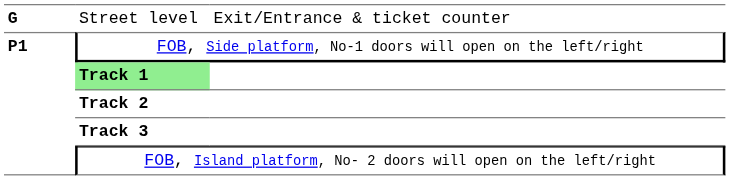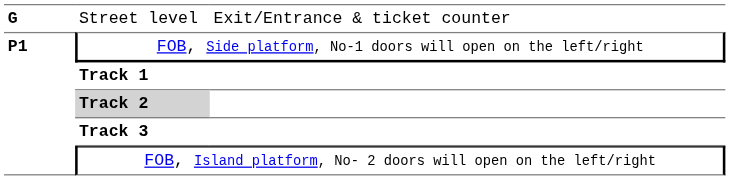 <table border=0 cellspacing=0 cellpadding=3>
 <tr>
 <td style="border-top:solid 1px gray;" width=50 valign=top><strong>G</strong></td>
 <td style="border-top:solid 1px gray;" width=100 valign=top>Street level</td>
 <td style="border-top:solid 1px gray;" width=400 valign=top>Exit/Entrance & ticket counter</td>
 </tr>
 <tr>
 <td style="border-top:solid 1px gray;border-bottom:solid 1px gray;" width=50 rowspan=6 valign=top><strong>P1</strong></td>
 <td style="border-top:solid 1px gray;border-right:solid 2px black;border-left:solid 2px black;border-bottom:solid 2px black;text-align:center;" colspan=2><a href='#'>FOB</a>, <small><a href='#'>Side platform</a>, No-1 doors will open on the left/right</small></td>
 </tr>
 <tr>
-<td style="background: lightgreen; border-bottom:solid 1px gray;" width=100><strong>Track 1</strong></td>
+<td style="border-bottom:solid 1px gray;" width=100><strong>Track 1</strong></td>
 <td style="border-bottom:solid 1px gray;" width=400></td>
 </tr>
 <tr>
-<td style="border-bottom:solid 1px gray;" width=100><strong>Track 2</strong></td>
+<td style="background: lightgrey; border-bottom:solid 1px gray;" width=100><strong>Track 2</strong></td>
 <td style="border-bottom:solid 1px gray;" width=400></td>
 </tr>
 <tr>
 <td style="border-bottom:solid 1px gray;" width=100><strong>Track 3</strong></td>
 <td style="border-bottom:solid 1px gray;" width=400></td>
 </tr>
 <tr>
 <td style="border-top:solid 1px black;border-right:solid 2px black;border-left:solid 2px black;border-bottom:solid 1px gray;text-align:center;" colspan=2><a href='#'>FOB</a>, <small><a href='#'>Island platform</a>, No- 2 doors will open on the left/right </small></td>
 </tr>
 <tr>
 </tr>
 </table>
